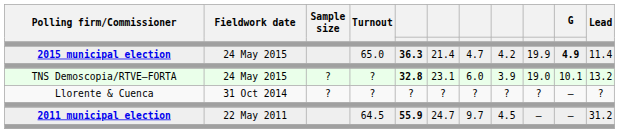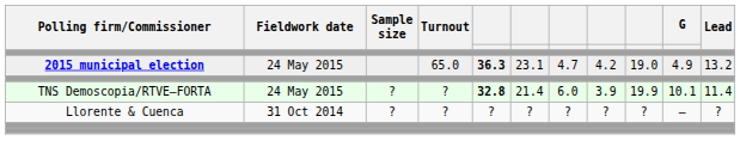 <table class="wikitable collapsible collapsed" style="text-align:center; font-size:95%; line-height:16px;">
 <tr style="height:42px;">
 <th style="width:250px;" rowspan="2">Polling firm/Commissioner</th>
 <th style="width:125px;" rowspan="2">Fieldwork date</th>
 <th style="width:50px;" rowspan="2">Sample size</th>
 <th style="width:45px;" rowspan="2">Turnout</th>
 <th style="width:35px;"></th>
 <th style="width:35px;"></th>
 <th style="width:35px;"></th>
 <th style="width:35px;"></th>
 <th style="width:35px;"></th>
 <th style="width:35px;">G</th>
 <th style="width:30px;" rowspan="2">Lead</th>
 </tr>
 <tr>
 <th style="color:inherit;background:"></th>
 <th style="color:inherit;background:"></th>
 <th style="color:inherit;background:"></th>
 <th style="color:inherit;background:"></th>
 <th style="color:inherit;background:"></th>
 <th style="color:inherit;background:"></th>
 </tr>
 <tr>
 <td colspan="11" style="background:#A0A0A0"></td>
 </tr>
 <tr style="background:#EFEFEF;">
 <td><strong><a href='#'>2015 municipal election</a></strong></td>
 <td>24 May 2015</td>
 <td></td>
 <td>65.0</td>
 <td><strong>36.3</strong><br></td>
-<td>21.4<br></td>
+<td>23.1<br></td>
 <td>4.7<br></td>
 <td>4.2<br></td>
-<td>19.9<br></td>
-<td><strong>4.9<br></strong></td>
-<td style="background:">11.4</td>
+<td>19.0<br></td>
+<td>4.9<br></td>
+<td style="background:">13.2</td>
 </tr>
 <tr>
 <td colspan="11" style="background:#A0A0A0"></td>
 </tr>
 <tr style="background:#EAFFEA;">
 <td>TNS Demoscopia/RTVE–FORTA</td>
 <td>24 May 2015</td>
 <td>?</td>
 <td>?</td>
 <td><strong>32.8</strong><br></td>
-<td>23.1<br></td>
+<td>21.4<br></td>
 <td>6.0<br></td>
 <td>3.9<br></td>
-<td>19.0<br></td>
+<td>19.9<br></td>
 <td>10.1<br></td>
-<td style="background:">13.2</td>
+<td style="background:">11.4</td>
 </tr>
 <tr>
 <td>Llorente & Cuenca</td>
 <td>31 Oct 2014</td>
 <td>?</td>
 <td>?</td>
 <td>?<br></td>
 <td>?<br></td>
 <td>?<br></td>
 <td>?<br></td>
 <td>?<br></td>
 <td>–</td>
 <td style="background:">?</td>
 </tr>
 <tr>
 <td colspan="11" style="background:#A0A0A0"></td>
 </tr>
-<tr style="background:#EFEFEF;">
-<td><strong><a href='#'>2011 municipal election</a></strong></td>
-<td>22 May 2011</td>
-<td></td>
-<td>64.5</td>
-<td><strong>55.9</strong><br></td>
-<td>24.7<br></td>
-<td>9.7<br></td>
-<td>4.5<br></td>
-<td>–</td>
-<td>–</td>
-<td style="background:">31.2</td>
-</tr>
 <tr>
 <td colspan="11" style="background:#A0A0A0"></td>
 </tr>
 </table>
